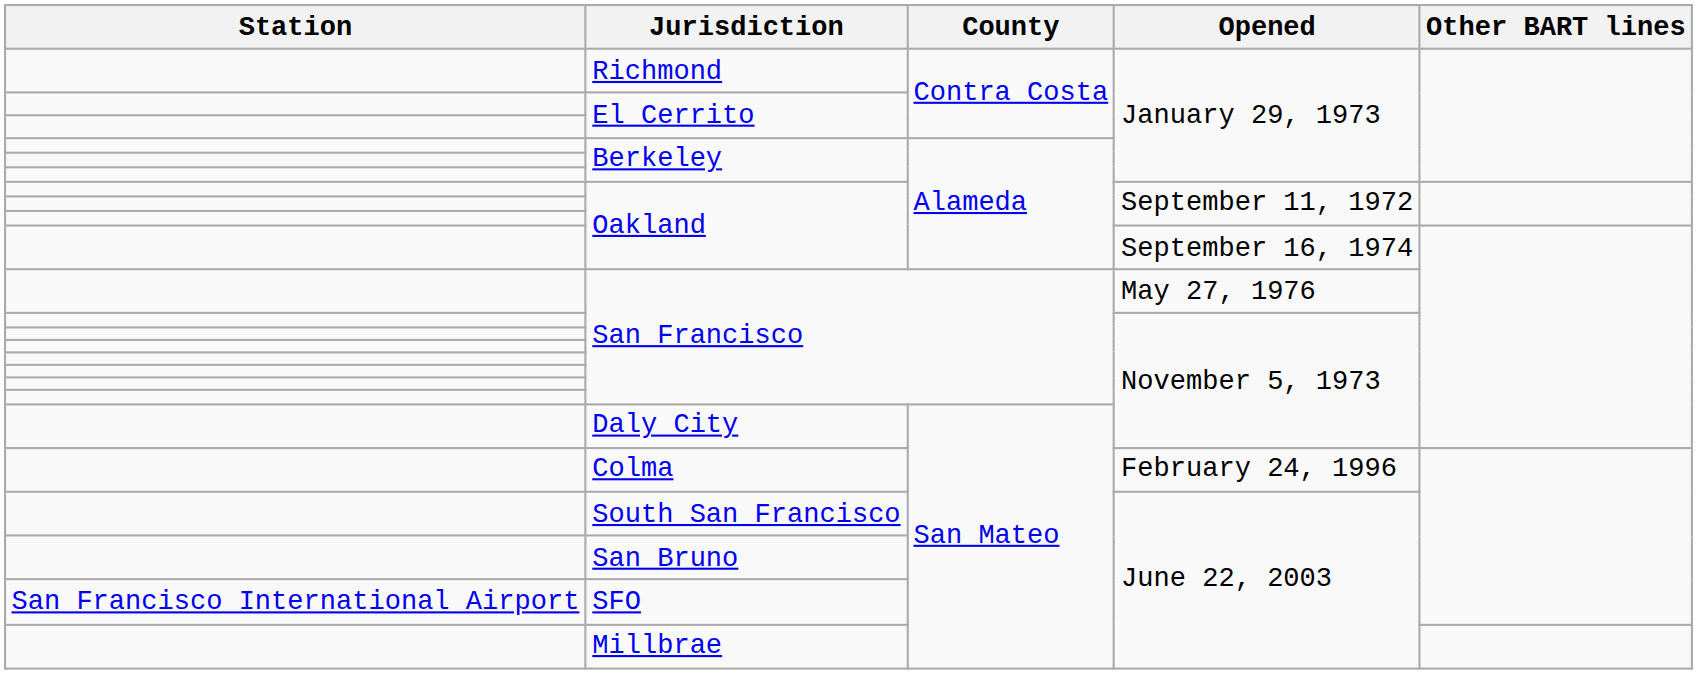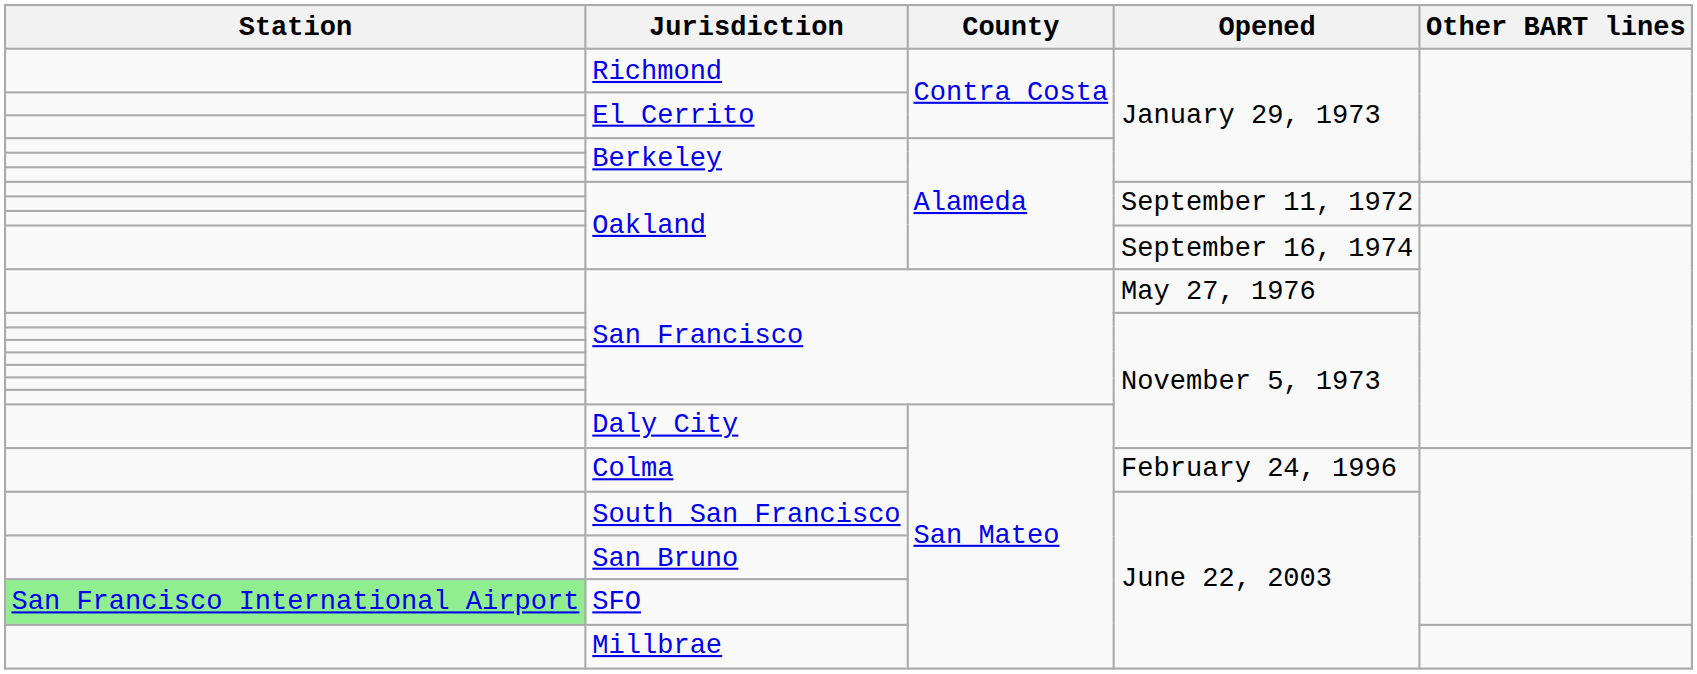 <table class=wikitable>
 <tr>
 <th>Station</th>
 <th>Jurisdiction</th>
 <th>County</th>
 <th>Opened</th>
 <th>Other BART lines</th>
 </tr>
 <tr>
 <td></td>
 <td><a href='#'>Richmond</a></td>
 <td rowspan="3"><a href='#'>Contra Costa</a></td>
 <td rowspan="6">January 29, 1973</td>
 <td rowspan="6"></td>
 </tr>
 <tr>
 <td></td>
 <td rowspan="2"><a href='#'>El Cerrito</a></td>
 </tr>
 <tr>
 <td></td>
 </tr>
 <tr>
 <td></td>
 <td rowspan="3"><a href='#'>Berkeley</a></td>
 <td rowspan="7"><a href='#'>Alameda</a></td>
 </tr>
 <tr>
 <td></td>
 </tr>
 <tr>
 <td></td>
 </tr>
 <tr>
 <td></td>
 <td rowspan="4"><a href='#'>Oakland</a></td>
 <td rowspan="3">September 11, 1972</td>
 <td rowspan="3"><br></td>
 </tr>
 <tr>
 <td></td>
 </tr>
 <tr>
 <td></td>
 </tr>
 <tr>
 <td></td>
 <td>September 16, 1974</td>
 <td rowspan="10"><br><br></td>
 </tr>
 <tr>
 <td></td>
 <td rowspan="8" colspan="2"><a href='#'>San Francisco</a></td>
 <td>May 27, 1976</td>
 </tr>
 <tr>
 <td></td>
 <td rowspan="8">November 5, 1973</td>
 </tr>
 <tr>
 <td></td>
 </tr>
 <tr>
 <td></td>
 </tr>
 <tr>
 <td></td>
 </tr>
 <tr>
 <td></td>
 </tr>
 <tr>
 <td></td>
 </tr>
 <tr>
 <td></td>
 </tr>
 <tr>
 <td></td>
 <td><a href='#'>Daly City</a></td>
 <td rowspan="6"><a href='#'>San Mateo</a></td>
 </tr>
 <tr>
 <td></td>
 <td><a href='#'>Colma</a></td>
 <td>February 24, 1996</td>
 <td rowspan="4"></td>
 </tr>
 <tr>
 <td></td>
 <td><a href='#'>South San Francisco</a></td>
 <td rowspan="4">June 22, 2003</td>
 </tr>
 <tr>
 <td></td>
 <td><a href='#'>San Bruno</a></td>
 </tr>
 <tr>
-<td><a href='#'>San Francisco International Airport</a></td>
+<td style="background: lightgreen;"><a href='#'>San Francisco International Airport</a></td>
 <td><a href='#'>SFO</a></td>
 </tr>
 <tr>
 <td></td>
 <td><a href='#'>Millbrae</a></td>
 <td><br></td>
 </tr>
 </table>
